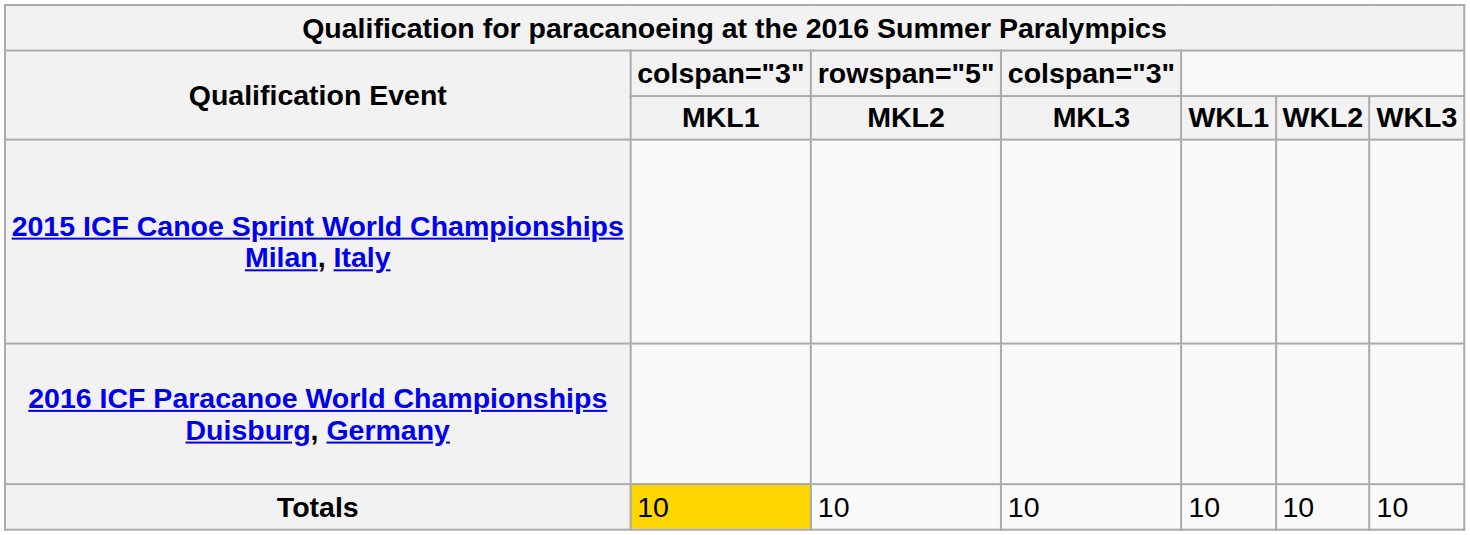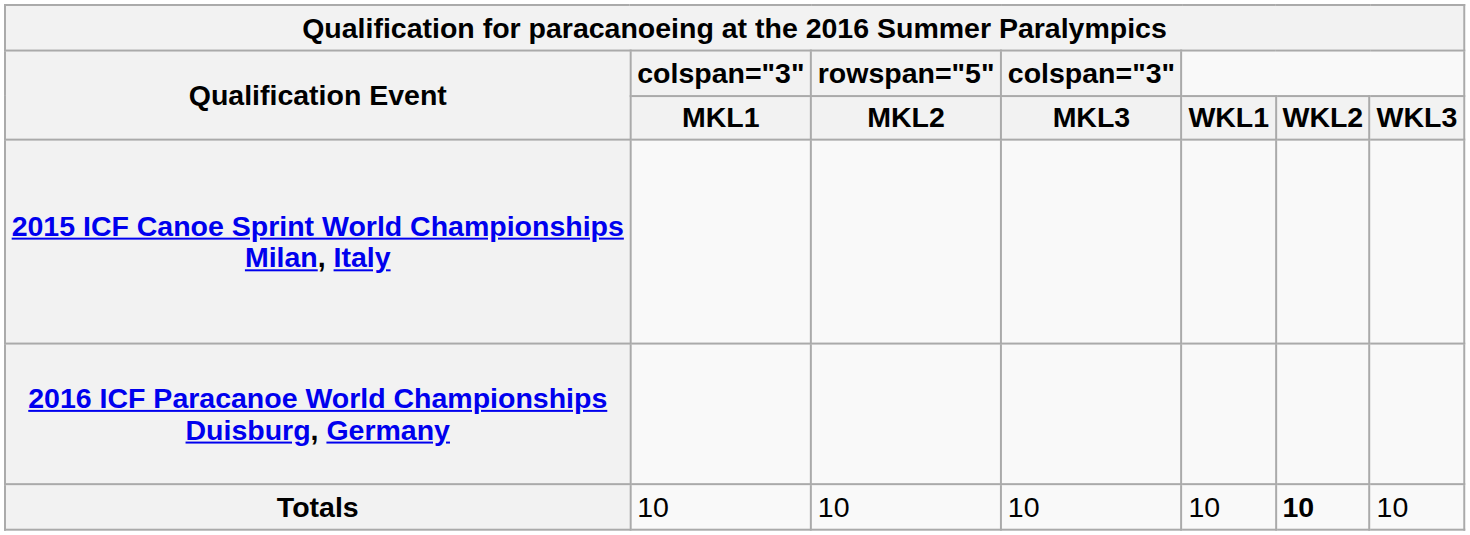 <table class="wikitable" style="font-size:90%;">
 <tr>
 <th colspan="8">Qualification for paracanoeing at the 2016 Summer Paralympics</th>
 </tr>
 <tr>
 <th rowspan="2">Qualification Event</th>
 <th>colspan="3" </th>
 <th>rowspan="5" </th>
 <th>colspan="3" </th>
 </tr>
 <tr>
 <th>MKL1</th>
 <th>MKL2</th>
 <th>MKL3</th>
 <th>WKL1</th>
 <th>WKL2</th>
 <th>WKL3</th>
 </tr>
 <tr>
 <th><strong><a href='#'>2015 ICF Canoe Sprint World Championships</a></strong><br> <a href='#'>Milan</a>, <a href='#'>Italy</a></th>
 <td><br> <br> <br> <br> <br> <br></td>
 <td><br> <br> <br> <br> <br> <br></td>
 <td><br> <br><s> <br> </s><br> <br> <br></td>
 <td><br> <br> <br><br><br> <br></td>
 <td><br> <br> <br> <br> <br> <br></td>
 <td><br> <br> <br> <br> <br> <br></td>
 </tr>
 <tr>
 <th><strong><a href='#'>2016 ICF Paracanoe World Championships</a></strong><br> <a href='#'>Duisburg</a>, <a href='#'>Germany</a></th>
 <td><br><br><br><br></td>
 <td><br><br><br><br></td>
 <td><br><br><br><br></td>
 <td><br><br><br><br></td>
 <td><s></s><br><br><br><br></td>
 <td><br><br><br><br></td>
 </tr>
 <tr>
 <th>Totals</th>
-<td style="background: gold;">10</td>
 <td>10</td>
 <td>10</td>
 <td>10</td>
 <td>10</td>
+<td><strong>10</strong></td>
 <td>10</td>
 </tr>
 </table>
